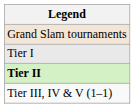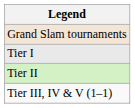 <table class=wikitable style="font-size:90%">
 <tr>
 <th>Legend</th>
 </tr>
 <tr>
 <td bgcolor=f3e6d7>Grand Slam tournaments</td>
 </tr>
 <tr>
 <td bgcolor=e9e9e9>Tier I</td>
 </tr>
 <tr>
-<td bgcolor=d4f1c5><strong>Tier II</strong></td>
+<td bgcolor=d4f1c5>Tier II</td>
 </tr>
 <tr>
 <td>Tier III, IV & V (1–1)</td>
 </tr>
 </table>
